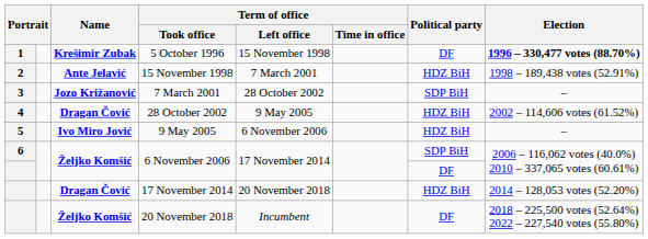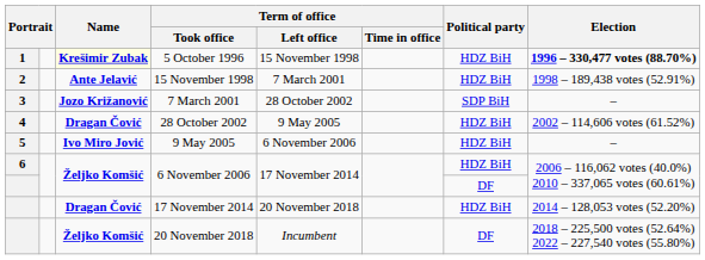 <table class="wikitable sortable" style="text-align: center;font-size:90%; border:1px #AAAAFF solid">
 <tr>
 <th rowspan=2 colspan=2>Portrait</th>
 <th rowspan=2>Name<br></th>
 <th colspan=3>Term of office</th>
 <th rowspan=2>Political party</th>
 <th rowspan=2>Election</th>
 </tr>
 <tr>
 <th>Took office</th>
 <th>Left office</th>
 <th>Time in office</th>
 </tr>
 <tr>
 <th style="background:">1</th>
 <td></td>
-<td><strong><a href='#'>Krešimir Zubak</a></strong><br></td>
+<td style="background: lightyellow;"><strong><a href='#'>Krešimir Zubak</a></strong><br></td>
 <td>5 October 1996</td>
 <td>15 November 1998</td>
 <td></td>
-<td><a href='#'>DF</a><br></td>
+<td><a href='#'>HDZ BiH</a></td>
 <td><strong><a href='#'>1996</a> – 330,477 votes (88.70%)</strong></td>
 </tr>
 <tr>
 <th style="background:">2</th>
 <td></td>
 <td><strong><a href='#'>Ante Jelavić</a></strong><br></td>
 <td>15 November 1998</td>
 <td>7 March 2001</td>
 <td></td>
 <td><a href='#'>HDZ BiH</a></td>
 <td><a href='#'>1998</a> – 189,438 votes (52.91%)</td>
 </tr>
 <tr>
 <th style="background:">3</th>
 <td></td>
 <td><strong><a href='#'>Jozo Križanović</a></strong><br></td>
 <td>7 March 2001</td>
 <td>28 October 2002</td>
 <td></td>
 <td><a href='#'>SDP BiH</a></td>
 <td>–</td>
 </tr>
 <tr>
 <th style="background:">4</th>
 <td></td>
 <td><strong><a href='#'>Dragan Čović</a></strong><br></td>
 <td>28 October 2002</td>
 <td>9 May 2005</td>
 <td></td>
 <td><a href='#'>HDZ BiH</a></td>
 <td><a href='#'>2002</a> – 114,606 votes (61.52%)</td>
 </tr>
 <tr>
 <th style="background:">5</th>
 <td></td>
 <td><strong><a href='#'>Ivo Miro Jović</a></strong><br></td>
 <td>9 May 2005</td>
 <td>6 November 2006</td>
 <td></td>
 <td><a href='#'>HDZ BiH</a></td>
 <td>–</td>
 </tr>
 <tr>
 <th style="background:">6</th>
 <td rowspan=2></td>
 <td rowspan=2><strong><a href='#'>Željko Komšić</a></strong><br></td>
 <td rowspan=2>6 November 2006</td>
 <td rowspan=2>17 November 2014</td>
 <td rowspan=2></td>
-<td><a href='#'>SDP BiH</a><br></td>
+<td><a href='#'>HDZ BiH</a></td>
 <td rowspan=2><a href='#'>2006</a> – 116,062 votes (40.0%)<br><a href='#'>2010</a> – 337,065 votes (60.61%)</td>
 </tr>
 <tr>
 <th style="background:"></th>
 <td><a href='#'>DF</a><br></td>
 </tr>
 <tr>
 <th style="background:"></th>
 <td></td>
 <td><strong><a href='#'>Dragan Čović</a></strong><br></td>
 <td>17 November 2014</td>
 <td>20 November 2018</td>
 <td></td>
 <td><a href='#'>HDZ BiH</a></td>
 <td><a href='#'>2014</a> – 128,053 votes (52.20%)</td>
 </tr>
 <tr>
 <th style="background:"></th>
 <td></td>
 <td><strong><a href='#'>Željko Komšić</a></strong><br></td>
 <td>20 November 2018</td>
 <td><em>Incumbent</em></td>
 <td></td>
 <td><a href='#'>DF</a></td>
 <td><a href='#'>2018</a> – 225,500 votes (52.64%)<br><a href='#'>2022</a> – 227,540 votes (55.80%)</td>
 </tr>
 </table>
